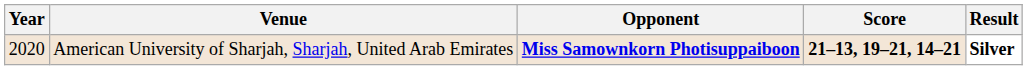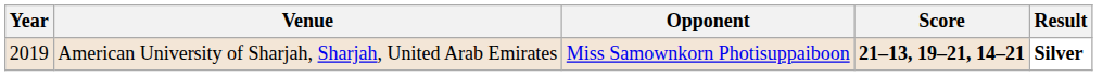 <table class="sortable wikitable" style="font-size: 90%;">
 <tr>
 <th>Year</th>
 <th>Venue</th>
 <th>Opponent</th>
 <th>Score</th>
 <th>Result</th>
 </tr>
 <tr style="background:#F3E6D7">
-<td align="center">2020</td>
+<td align="center">2019</td>
 <td align="left">American University of Sharjah, <a href='#'>Sharjah</a>, United Arab Emirates</td>
-<td align="left"><strong> <a href='#'>Miss Samownkorn Photisuppaiboon</a></strong></td>
+<td align="left"> <a href='#'>Miss Samownkorn Photisuppaiboon</a></td>
 <td align="left"><strong>21–13, 19–21, 14–21</strong></td>
 <td style="text-align:left; background:white"> <strong>Silver</strong></td>
 </tr>
 </table>
